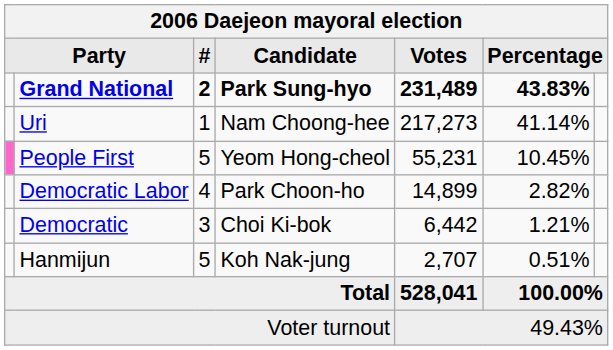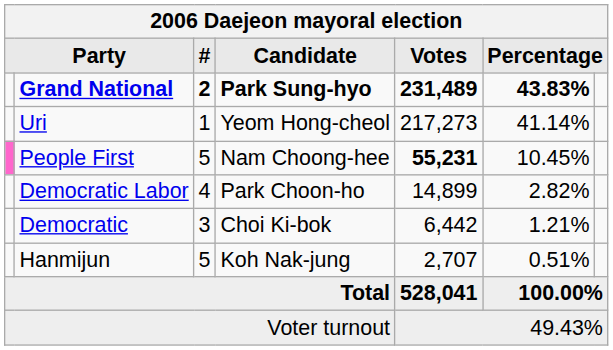 <table class="wikitable">
 <tr>
 <th colspan="7">2006 Daejeon mayoral election</th>
 </tr>
 <tr>
 <th style="background-color:#E9E9E9" colspan=2>Party</th>
 <th style="background-color:#E9E9E9">#</th>
 <th style="background-color:#E9E9E9">Candidate</th>
 <th style="background-color:#E9E9E9">Votes</th>
 <th style="background-color:#E9E9E9" colspan=2>Percentage</th>
 </tr>
 <tr style="font-weight:bold">
 <td></td>
 <td align=left><a href='#'>Grand National</a></td>
 <td align=center>2</td>
 <td align=left>Park Sung-hyo</td>
 <td align=right>231,489</td>
 <td align=right>43.83%</td>
 <td align=right></td>
 </tr>
 <tr>
 <td></td>
 <td align=left><a href='#'>Uri</a></td>
 <td align=center>1</td>
-<td align=left>Nam Choong-hee</td>
+<td align=left>Yeom Hong-cheol</td>
 <td align=right>217,273</td>
 <td align=right>41.14%</td>
 <td align=right></td>
 </tr>
 <tr>
 <td bgcolor="#FF66cc"></td>
 <td align=left><a href='#'>People First</a></td>
 <td align=center>5</td>
-<td align=left>Yeom Hong-cheol</td>
-<td align=right>55,231</td>
+<td align=left>Nam Choong-hee</td>
+<td align=right><strong>55,231</strong></td>
 <td align=right>10.45%</td>
 <td align=right></td>
 </tr>
 <tr>
 <td></td>
 <td align=left><a href='#'>Democratic Labor</a></td>
 <td align=center>4</td>
 <td align=left>Park Choon-ho</td>
 <td align=right>14,899</td>
 <td align=right>2.82%</td>
 <td align=right></td>
 </tr>
 <tr>
 <td></td>
 <td align=left><a href='#'>Democratic</a></td>
 <td align=center>3</td>
 <td align=left>Choi Ki-bok</td>
 <td align=right>6,442</td>
 <td align=right>1.21%</td>
 <td align=right></td>
 </tr>
 <tr>
 <td></td>
 <td align=left>Hanmijun</td>
 <td align=center>5</td>
 <td align=left>Koh Nak-jung</td>
 <td align=right>2,707</td>
 <td align=right>0.51%</td>
 <td align=right></td>
 </tr>
 <tr bgcolor="#EEEEEE" style="font-weight:bold">
 <td colspan="4" align=right>Total</td>
 <td align=right>528,041</td>
 <td align=right colspan=2>100.00%</td>
 </tr>
 <tr bgcolor="#EEEEEE">
 <td colspan="4" align="right">Voter turnout</td>
 <td colspan="3" align="right">49.43%</td>
 </tr>
 </table>
